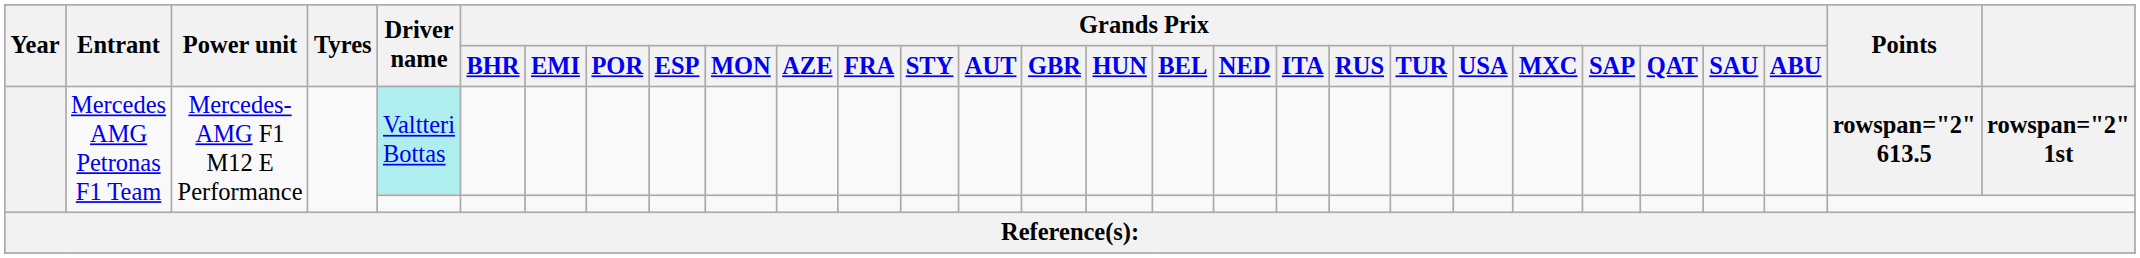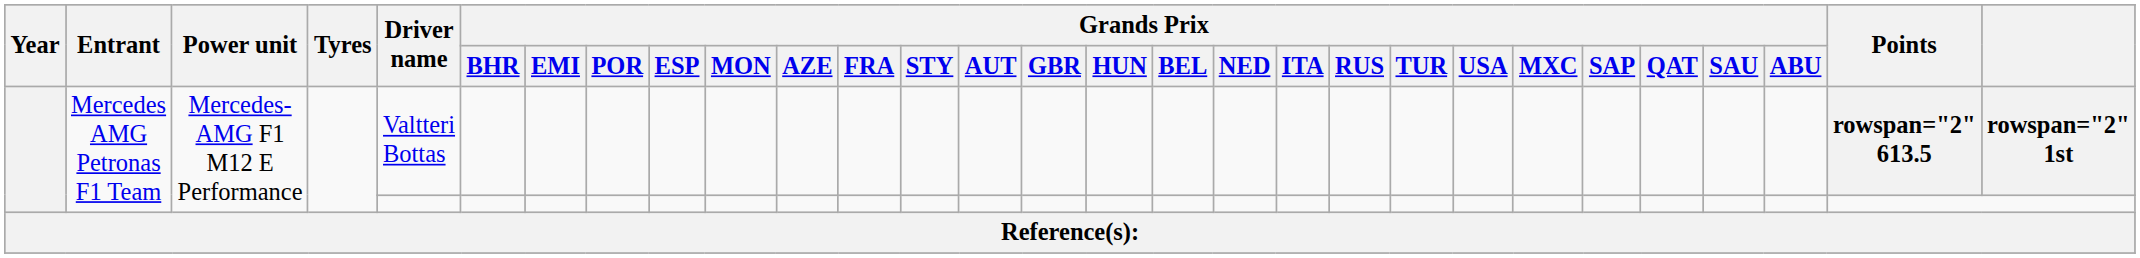 <table class="wikitable" style="text-align:center; font-size:90%">
 <tr>
 <th rowspan="2">Year</th>
 <th rowspan="2">Entrant</th>
 <th rowspan="2">Power unit</th>
 <th rowspan="2">Tyres</th>
 <th rowspan="2">Driver name</th>
 <th colspan="22">Grands Prix</th>
 <th rowspan="2">Points</th>
 <th rowspan="2"></th>
 </tr>
 <tr>
 <th><a href='#'>BHR</a></th>
 <th><a href='#'>EMI</a></th>
 <th><a href='#'>POR</a></th>
 <th><a href='#'>ESP</a></th>
 <th><a href='#'>MON</a></th>
 <th><a href='#'>AZE</a></th>
 <th><a href='#'>FRA</a></th>
 <th><a href='#'>STY</a></th>
 <th><a href='#'>AUT</a></th>
 <th><a href='#'>GBR</a></th>
 <th><a href='#'>HUN</a></th>
 <th><a href='#'>BEL</a></th>
 <th><a href='#'>NED</a></th>
 <th><a href='#'>ITA</a></th>
 <th><a href='#'>RUS</a></th>
 <th><a href='#'>TUR</a></th>
 <th><a href='#'>USA</a></th>
 <th><a href='#'>MXC</a></th>
 <th><a href='#'>SAP</a></th>
 <th><a href='#'>QAT</a></th>
 <th><a href='#'>SAU</a></th>
 <th><a href='#'>ABU</a></th>
 </tr>
 <tr>
 <th rowspan="2"></th>
 <td rowspan="2"><a href='#'>Mercedes AMG Petronas F1 Team</a></td>
 <td rowspan="2"><a href='#'>Mercedes-AMG</a> F1 M12 E Performance</td>
 <td rowspan="2"></td>
-<td align="left" style="background: paleturquoise;"> <a href='#'>Valtteri Bottas</a></td>
+<td align="left"> <a href='#'>Valtteri Bottas</a></td>
 <td></td>
 <td></td>
 <td></td>
 <td></td>
 <td></td>
 <td></td>
 <td></td>
 <td></td>
 <td></td>
 <td></td>
 <td></td>
 <td></td>
 <td></td>
 <td></td>
 <td></td>
 <td></td>
 <td></td>
 <td></td>
 <td></td>
 <td></td>
 <td></td>
 <td></td>
 <th>rowspan="2"  613.5</th>
 <th>rowspan="2"  1st</th>
 </tr>
 <tr>
 <td align="left"></td>
 <td></td>
 <td></td>
 <td></td>
 <td></td>
 <td></td>
 <td></td>
 <td></td>
 <td></td>
 <td></td>
 <td></td>
 <td></td>
 <td></td>
 <td></td>
 <td></td>
 <td></td>
 <td></td>
 <td></td>
 <td></td>
 <td></td>
 <td></td>
 <td></td>
 <td></td>
 </tr>
 <tr>
 <th colspan="30">Reference(s):</th>
 </tr>
 </table>
